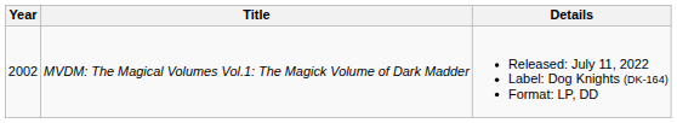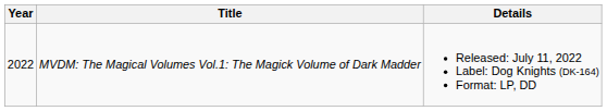 <table class="wikitable">
 <tr>
 <th>Year</th>
 <th>Title</th>
 <th>Details</th>
 </tr>
 <tr>
-<td>2002</td>
+<td>2022</td>
 <td><em>MVDM: The Magical Volumes Vol.1: The Magick Volume of Dark Madder</em></td>
 <td><br><ul><li>Released: July 11, 2022</li><li>Label: Dog Knights <small>(DK-164)</small></li><li>Format: LP, DD</li></ul></td>
 </tr>
 </table>
